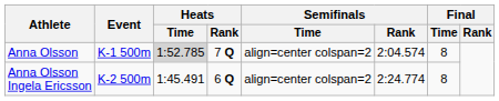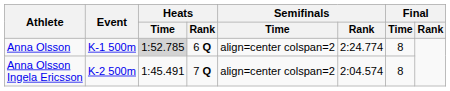 <table class="wikitable" style="font-size:90%">
 <tr>
 <th rowspan=2>Athlete</th>
 <th rowspan=2>Event</th>
 <th colspan=2>Heats</th>
 <th colspan=2>Semifinals</th>
 <th colspan=2>Final</th>
 </tr>
 <tr style="font-size:95%">
 <th>Time</th>
 <th>Rank</th>
 <th>Time</th>
 <th>Rank</th>
 <th>Time</th>
 <th>Rank</th>
 </tr>
 <tr>
 <td align=left><a href='#'>Anna Olsson</a></td>
 <td align=left><a href='#'>K-1 500m</a></td>
 <td align=center style="background: lightgrey;">1:52.785</td>
-<td align=center>7 <strong>Q</strong></td>
+<td align=center>6 <strong>Q</strong></td>
 <td>align=center colspan=2 </td>
-<td align=center>2:04.574</td>
+<td align=center>2:24.774</td>
 <td align=center>8</td>
 </tr>
 <tr>
 <td align=left><a href='#'>Anna Olsson</a><br> <a href='#'>Ingela Ericsson</a></td>
 <td align=left><a href='#'>K-2 500m</a></td>
 <td align=center>1:45.491</td>
-<td align=center>6 <strong>Q</strong></td>
+<td align=center>7 <strong>Q</strong></td>
 <td>align=center colspan=2 </td>
-<td align=center>2:24.774</td>
+<td align=center>2:04.574</td>
 <td align=center>8</td>
 </tr>
 </table>
